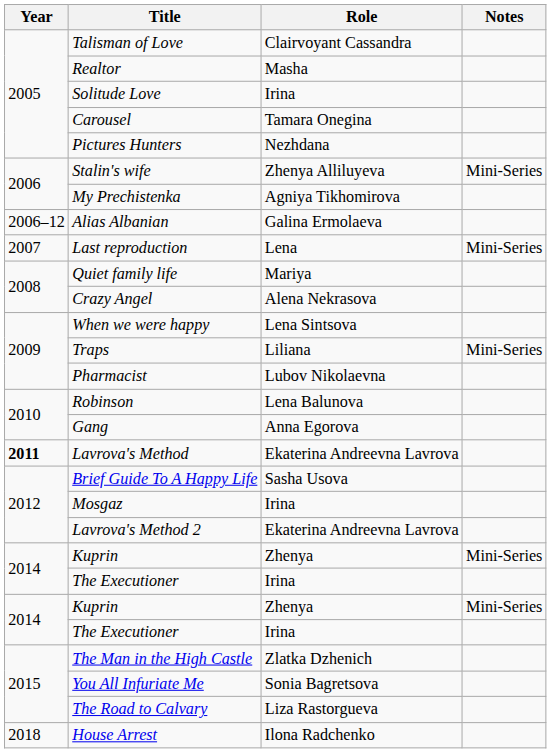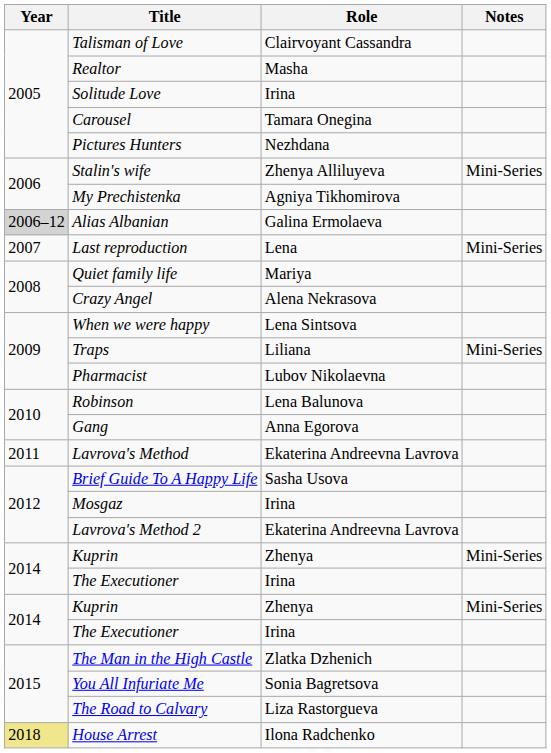 <table class="wikitable sortable">
 <tr>
 <th>Year</th>
 <th>Title</th>
 <th>Role</th>
 <th>Notes</th>
 </tr>
 <tr>
 <td rowspan=5>2005</td>
 <td><em>Talisman of Love</em></td>
 <td>Clairvoyant Cassandra</td>
 <td></td>
 </tr>
 <tr>
 <td><em>Realtor</em></td>
 <td>Masha</td>
 <td></td>
 </tr>
 <tr>
 <td><em>Solitude Love</em></td>
 <td>Irina</td>
 <td></td>
 </tr>
 <tr>
 <td><em>Carousel</em></td>
 <td>Tamara Onegina</td>
 <td></td>
 </tr>
 <tr>
 <td><em>Pictures Hunters</em></td>
 <td>Nezhdana</td>
 <td></td>
 </tr>
 <tr>
 <td rowspan=2>2006</td>
 <td><em>Stalin's wife</em></td>
 <td>Zhenya Alliluyeva</td>
 <td>Mini-Series</td>
 </tr>
 <tr>
 <td><em>My Prechistenka</em></td>
 <td>Agniya Tikhomirova</td>
 <td></td>
 </tr>
 <tr>
-<td>2006–12</td>
+<td style="background: lightgrey;">2006–12</td>
 <td><em>Alias Albanian</em></td>
 <td>Galina Ermolaeva</td>
 <td></td>
 </tr>
 <tr>
 <td>2007</td>
 <td><em>Last reproduction</em></td>
 <td>Lena</td>
 <td>Mini-Series</td>
 </tr>
 <tr>
 <td rowspan=2>2008</td>
 <td><em>Quiet family life</em></td>
 <td>Mariya</td>
 <td></td>
 </tr>
 <tr>
 <td><em>Crazy Angel</em></td>
 <td>Alena Nekrasova</td>
 <td></td>
 </tr>
 <tr>
 <td rowspan=3>2009</td>
 <td><em>When we were happy</em></td>
 <td>Lena Sintsova</td>
 <td></td>
 </tr>
 <tr>
 <td><em>Traps</em></td>
 <td>Liliana</td>
 <td>Mini-Series</td>
 </tr>
 <tr>
 <td><em>Pharmacist</em></td>
 <td>Lubov Nikolaevna</td>
 <td></td>
 </tr>
 <tr>
 <td rowspan=2>2010</td>
 <td><em>Robinson</em></td>
 <td>Lena Balunova</td>
 <td></td>
 </tr>
 <tr>
 <td><em>Gang</em></td>
 <td>Anna Egorova</td>
 <td></td>
 </tr>
 <tr>
-<td><strong>2011</strong></td>
+<td>2011</td>
 <td><em>Lavrova's Method</em></td>
 <td>Ekaterina Andreevna Lavrova</td>
 <td></td>
 </tr>
 <tr>
 <td rowspan=3>2012</td>
 <td><em><a href='#'>Brief Guide To A Happy Life</a></em></td>
 <td>Sasha Usova</td>
 <td></td>
 </tr>
 <tr>
 <td><em>Mosgaz</em></td>
 <td>Irina</td>
 <td></td>
 </tr>
 <tr>
 <td><em>Lavrova's Method 2</em></td>
 <td>Ekaterina Andreevna Lavrova</td>
 <td></td>
 </tr>
 <tr>
 <td rowspan=2>2014</td>
 <td><em>Kuprin</em></td>
 <td>Zhenya</td>
 <td>Mini-Series</td>
 </tr>
 <tr>
 <td><em>The Executioner</em></td>
 <td>Irina</td>
 <td></td>
 </tr>
 <tr>
 <td rowspan=2>2014</td>
 <td><em>Kuprin</em></td>
 <td>Zhenya</td>
 <td>Mini-Series</td>
 </tr>
 <tr>
 <td><em>The Executioner</em></td>
 <td>Irina</td>
 <td></td>
 </tr>
 <tr>
 <td rowspan=3>2015</td>
 <td><em><a href='#'>The Man in the High Castle</a></em></td>
 <td>Zlatka Dzhenich</td>
 <td></td>
 </tr>
 <tr>
 <td><em><a href='#'>You All Infuriate Me</a></em></td>
 <td>Sonia Bagretsova</td>
 <td></td>
 </tr>
 <tr>
 <td><em><a href='#'>The Road to Calvary</a></em></td>
 <td>Liza Rastorgueva</td>
 <td></td>
 </tr>
 <tr>
-<td>2018</td>
+<td style="background: khaki;">2018</td>
 <td><em><a href='#'>House Arrest</a></em></td>
 <td>Ilona Radchenko</td>
 <td></td>
 </tr>
 </table>
